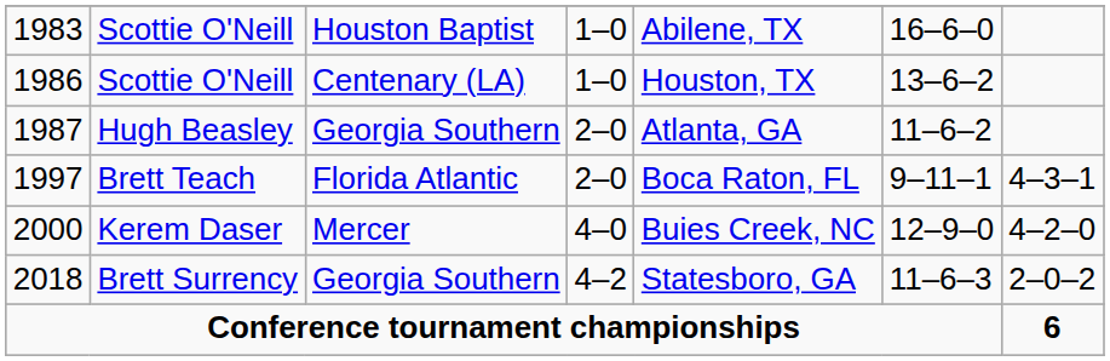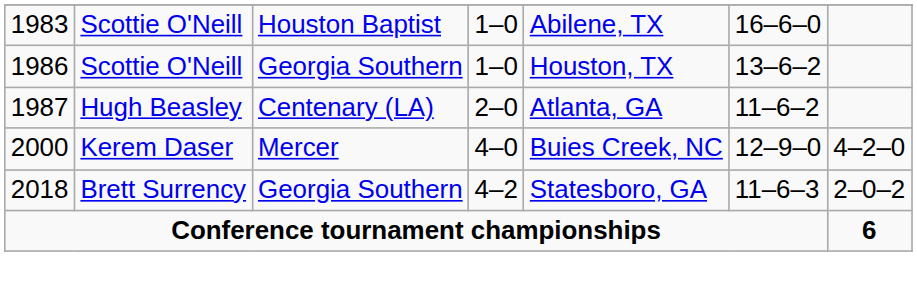 <table class="wikitable" style="font-size:100%;" style="text-align: center;">
 <tr>
 </tr>
 <tr>
 <td>1983</td>
 <td><a href='#'>Scottie O'Neill</a></td>
 <td><a href='#'>Houston Baptist</a></td>
 <td>1–0</td>
 <td><a href='#'>Abilene, TX</a></td>
 <td>16–6–0</td>
 <td></td>
 </tr>
 <tr>
 <td>1986</td>
 <td><a href='#'>Scottie O'Neill</a></td>
-<td><a href='#'>Centenary (LA)</a></td>
+<td><a href='#'>Georgia Southern</a></td>
 <td>1–0</td>
 <td><a href='#'>Houston, TX</a></td>
 <td>13–6–2</td>
 <td></td>
 </tr>
 <tr>
 <td>1987</td>
 <td><a href='#'>Hugh Beasley</a></td>
-<td><a href='#'>Georgia Southern</a></td>
+<td><a href='#'>Centenary (LA)</a></td>
 <td>2–0</td>
 <td><a href='#'>Atlanta, GA</a></td>
 <td>11–6–2</td>
 <td></td>
-</tr>
-<tr>
-<td>1997</td>
-<td><a href='#'>Brett Teach</a></td>
-<td><a href='#'>Florida Atlantic</a></td>
-<td>2–0</td>
-<td><a href='#'>Boca Raton, FL</a></td>
-<td>9–11–1</td>
-<td>4–3–1</td>
 </tr>
 <tr>
 <td>2000</td>
 <td><a href='#'>Kerem Daser</a></td>
 <td><a href='#'>Mercer</a></td>
 <td>4–0</td>
 <td><a href='#'>Buies Creek, NC</a></td>
 <td>12–9–0</td>
 <td>4–2–0</td>
 </tr>
 <tr>
 <td>2018</td>
 <td><a href='#'>Brett Surrency</a></td>
 <td><a href='#'>Georgia Southern</a></td>
 <td>4–2</td>
 <td><a href='#'>Statesboro, GA</a></td>
 <td>11–6–3</td>
 <td>2–0–2</td>
 </tr>
 <tr style="text-align:center; ">
 <td colspan="6"><strong>Conference tournament championships</strong></td>
 <td colspan="1"><strong>6</strong></td>
 </tr>
 </table>
